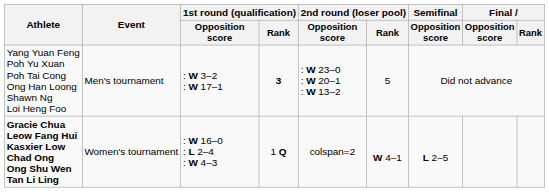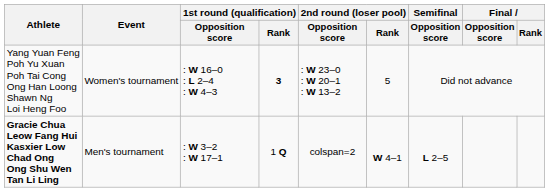 <table class=wikitable style=font-size:90%;text-align:center>
 <tr>
 <th rowspan=2>Athlete</th>
 <th rowspan=2>Event</th>
 <th colspan=2>1st round (qualification)</th>
 <th colspan=2>2nd round (loser pool)</th>
 <th>Semifinal</th>
 <th colspan=2>Final / </th>
 </tr>
 <tr style=font-size:95%>
 <th>Opposition<br>score</th>
 <th>Rank</th>
 <th>Opposition<br>score</th>
 <th>Rank</th>
 <th>Opposition<br>score</th>
 <th>Opposition<br>score</th>
 <th>Rank</th>
 </tr>
 <tr>
 <td align=left>Yang Yuan Feng<br>Poh Yu Xuan<br>Poh Tai Cong<br>Ong Han Loong<br>Shawn Ng<br>Loi Heng Foo</td>
-<td align=left>Men's tournament</td>
-<td align=left>: <strong>W</strong> 3–2<br>: <strong>W</strong> 17–1</td>
+<td align=left>Women's tournament</td>
+<td align=left>: <strong>W</strong> 16–0<br>: <strong>L</strong> 2–4<br>: <strong>W</strong> 4–3</td>
 <td><strong>3</strong></td>
 <td align=left>: <strong>W</strong> 23–0<br>: <strong>W</strong> 20–1<br>: <strong>W</strong> 13–2</td>
 <td>5</td>
 <td colspan=3>Did not advance</td>
 </tr>
 <tr>
 <td align=left><strong>Gracie Chua<br>Leow Fang Hui<br>Kasxier Low<br>Chad Ong<br>Ong Shu Wen<br>Tan Li Ling</strong></td>
-<td align=left>Women's tournament</td>
-<td align=left>: <strong>W</strong> 16–0<br>: <strong>L</strong> 2–4<br>: <strong>W</strong> 4–3</td>
+<td align=left>Men's tournament</td>
+<td align=left>: <strong>W</strong> 3–2<br>: <strong>W</strong> 17–1</td>
 <td>1 <strong>Q</strong></td>
 <td>colspan=2 </td>
 <td><br><strong>W</strong> 4–1</td>
 <td><br><strong>L</strong> 2–5</td>
 <td></td>
 </tr>
 </table>
